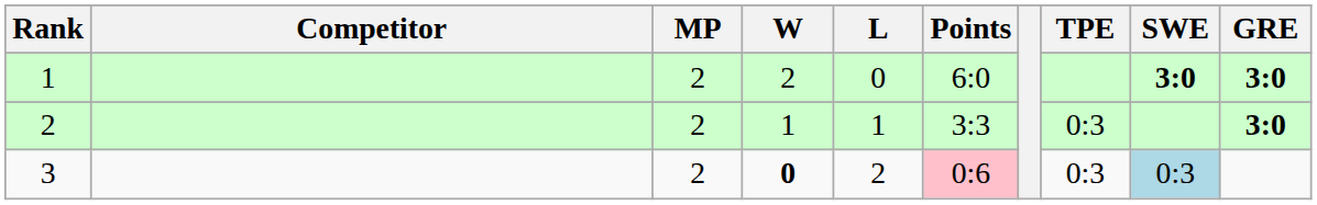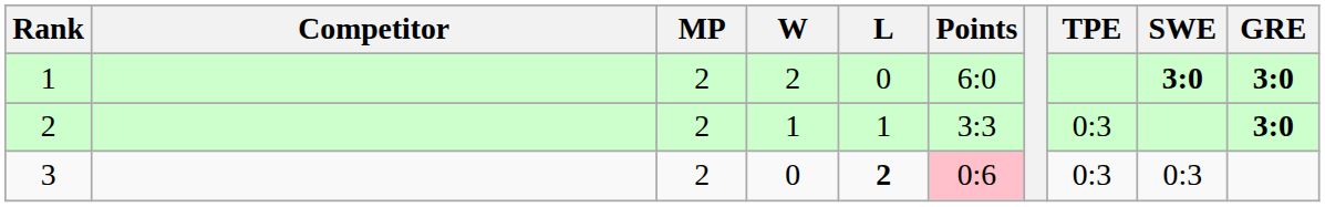 <table class="wikitable" style="text-align:center">
 <tr>
 <th>Rank</th>
 <th style="width:18em">Competitor</th>
 <th style="width:2.5em">MP</th>
 <th style="width:2.5em">W</th>
 <th style="width:2.5em">L</th>
 <th>Points</th>
 <th rowspan="4"> </th>
 <th style="width:2.5em">TPE</th>
 <th style="width:2.5em">SWE</th>
 <th style="width:2.5em">GRE</th>
 </tr>
 <tr style="background:#cfc;">
 <td>1</td>
 <td style="text-align:left"></td>
 <td>2</td>
 <td>2</td>
 <td>0</td>
 <td>6:0</td>
 <td></td>
 <td><strong>3:0</strong></td>
 <td><strong>3:0</strong></td>
 </tr>
 <tr style="background:#cfc;">
 <td>2</td>
 <td style="text-align:left"></td>
 <td>2</td>
 <td>1</td>
 <td>1</td>
 <td>3:3</td>
 <td>0:3</td>
 <td></td>
 <td><strong>3:0</strong></td>
 </tr>
 <tr>
 <td>3</td>
 <td style="text-align:left"></td>
 <td>2</td>
-<td><strong>0</strong></td>
-<td>2</td>
+<td>0</td>
+<td><strong>2</strong></td>
 <td style="background: pink;">0:6</td>
 <td>0:3</td>
-<td style="background: lightblue;">0:3</td>
+<td>0:3</td>
 <td></td>
 </tr>
 </table>
